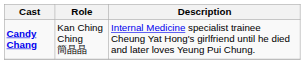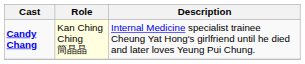 <table class="wikitable" width="55%">
 <tr>
 <th>Cast</th>
 <th>Role</th>
 <th>Description</th>
 </tr>
 <tr>
 <td><strong><a href='#'>Candy Chang</a></strong></td>
-<td>Kan Ching Ching<br>簡晶晶</td>
+<td style="background: lightyellow;">Kan Ching Ching<br>簡晶晶</td>
 <td><a href='#'>Internal Medicine</a> specialist trainee <br> Cheung Yat Hong's girlfriend until he died and later loves Yeung Pui Chung.</td>
 </tr>
 <tr>
 </tr>
 </table>
